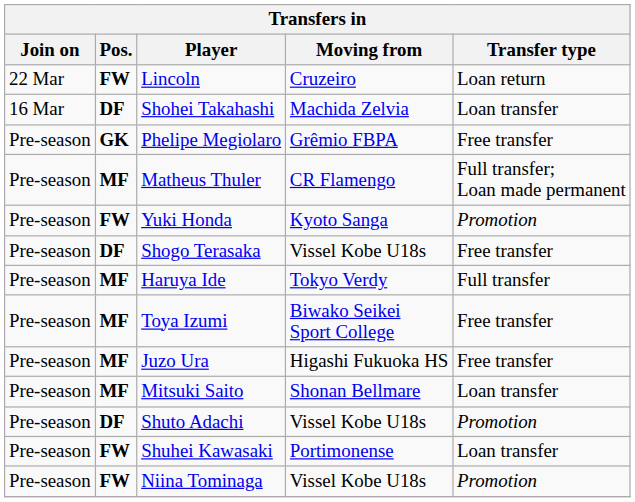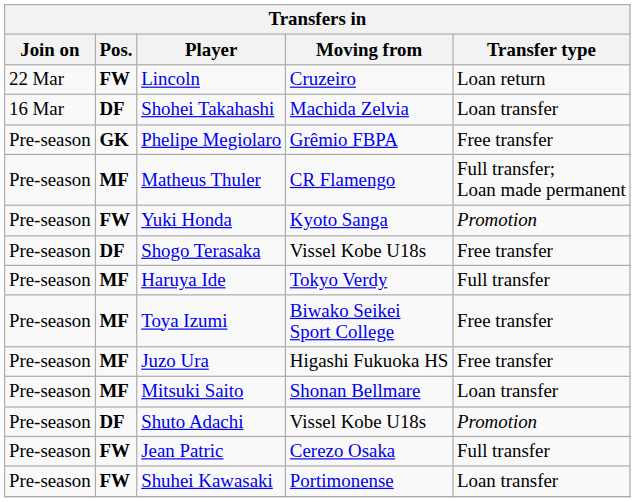 <table class="wikitable sortable" style=“text-align:left;>
 <tr>
 <th colspan="5">Transfers in</th>
 </tr>
 <tr>
 <th>Join on</th>
 <th>Pos.</th>
 <th>Player</th>
 <th>Moving from</th>
 <th>Transfer type</th>
 </tr>
 <tr>
 <td>22 Mar</td>
 <td><strong>FW</strong></td>
 <td> <a href='#'>Lincoln</a></td>
 <td> <a href='#'>Cruzeiro</a></td>
 <td>Loan return</td>
 </tr>
 <tr>
 <td>16 Mar</td>
 <td><strong>DF</strong></td>
 <td> <a href='#'>Shohei Takahashi</a></td>
 <td> <a href='#'>Machida Zelvia</a></td>
 <td>Loan transfer</td>
 </tr>
 <tr>
 <td>Pre-season</td>
 <td><strong>GK</strong></td>
 <td> <a href='#'>Phelipe Megiolaro</a></td>
 <td> <a href='#'>Grêmio FBPA</a></td>
 <td>Free transfer</td>
 </tr>
 <tr>
 <td>Pre-season</td>
 <td><strong>MF</strong></td>
 <td> <a href='#'>Matheus Thuler</a></td>
 <td> <a href='#'>CR Flamengo</a></td>
 <td>Full transfer;<br> Loan made permanent</td>
 </tr>
 <tr>
 <td>Pre-season</td>
 <td><strong>FW</strong></td>
 <td> <a href='#'>Yuki Honda</a></td>
 <td> <a href='#'>Kyoto Sanga</a></td>
 <td><em>Promotion</em></td>
 </tr>
 <tr>
 <td>Pre-season</td>
 <td><strong>DF</strong></td>
 <td> <a href='#'>Shogo Terasaka</a></td>
 <td>Vissel Kobe U18s</td>
 <td>Free transfer</td>
 </tr>
 <tr>
 <td>Pre-season</td>
 <td><strong>MF</strong></td>
 <td> <a href='#'>Haruya Ide</a></td>
 <td> <a href='#'>Tokyo Verdy</a></td>
 <td>Full transfer</td>
 </tr>
 <tr>
 <td>Pre-season</td>
 <td><strong>MF</strong></td>
 <td> <a href='#'>Toya Izumi</a></td>
 <td> <a href='#'>Biwako Seikei<br>Sport College</a></td>
 <td>Free transfer</td>
 </tr>
 <tr>
 <td>Pre-season</td>
 <td><strong>MF</strong></td>
 <td> <a href='#'>Juzo Ura</a></td>
 <td> Higashi Fukuoka HS</td>
 <td>Free transfer</td>
 </tr>
 <tr>
 <td>Pre-season</td>
 <td><strong>MF</strong></td>
 <td> <a href='#'>Mitsuki Saito</a></td>
 <td> <a href='#'>Shonan Bellmare</a></td>
 <td>Loan transfer</td>
 </tr>
 <tr>
 <td>Pre-season</td>
 <td><strong>DF</strong></td>
 <td> <a href='#'>Shuto Adachi</a></td>
 <td>Vissel Kobe U18s</td>
 <td><em>Promotion</em></td>
 </tr>
 <tr>
 <td>Pre-season</td>
 <td><strong>FW</strong></td>
+<td> <a href='#'>Jean Patric</a></td>
+<td> <a href='#'>Cerezo Osaka</a></td>
+<td>Full transfer</td>
+</tr>
+<tr>
+<td>Pre-season</td>
+<td><strong>FW</strong></td>
 <td> <a href='#'>Shuhei Kawasaki</a></td>
 <td> <a href='#'>Portimonense</a></td>
 <td>Loan transfer</td>
 </tr>
 <tr>
-<td>Pre-season</td>
-<td><strong>FW</strong></td>
-<td> <a href='#'>Niina Tominaga</a></td>
-<td>Vissel Kobe U18s</td>
-<td><em>Promotion</em></td>
-</tr>
-<tr>
 </tr>
 </table>
